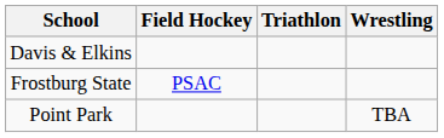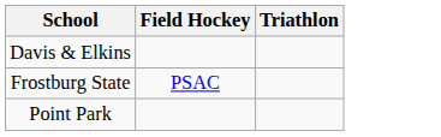 <table class="wikitable" style="text-align:center;">
 <tr>
 <th>School</th>
 <th>Field Hockey</th>
 <th>Triathlon</th>
-<th>Wrestling</th>
 </tr>
 <tr>
 <td>Davis & Elkins</td>
-<td></td>
 <td></td>
 <td></td>
 </tr>
 <tr>
 <td>Frostburg State</td>
 <td><a href='#'>PSAC</a></td>
 <td></td>
-<td></td>
 </tr>
 <tr>
 <td>Point Park</td>
 <td></td>
 <td></td>
-<td>TBA</td>
 </tr>
 </table>
